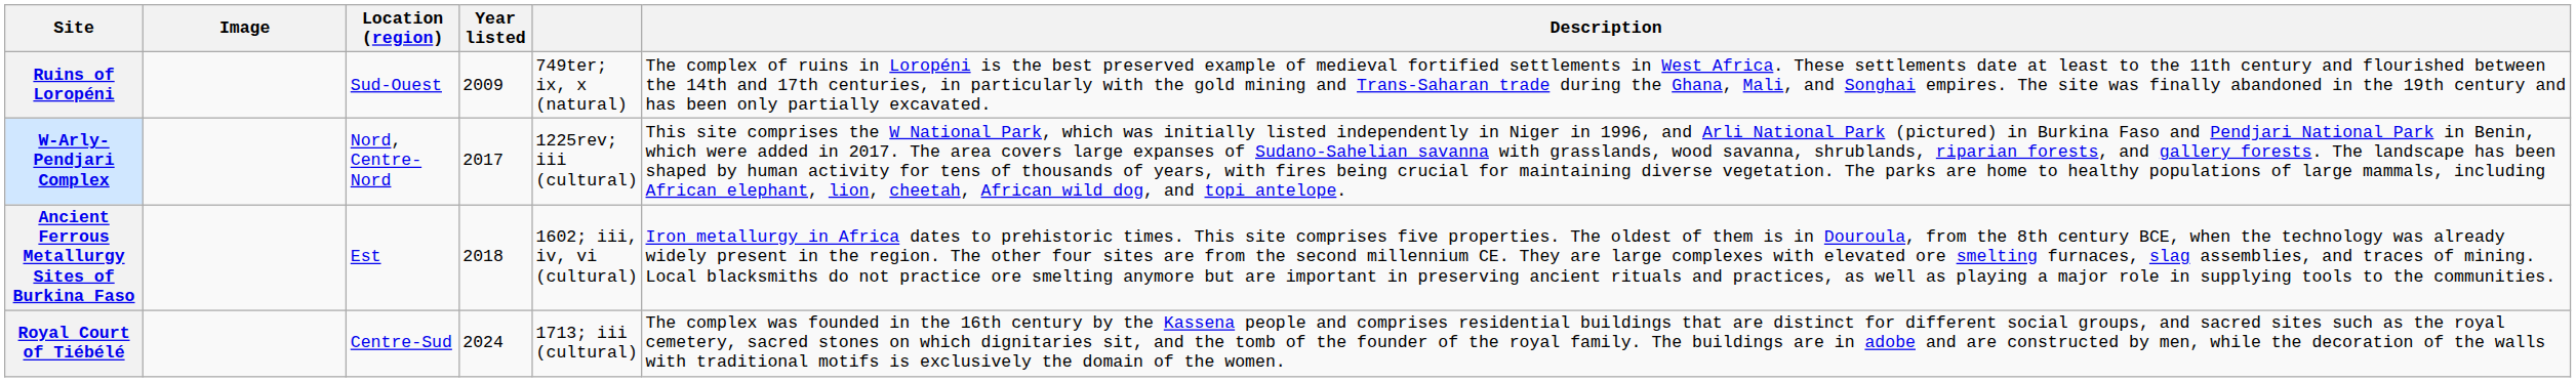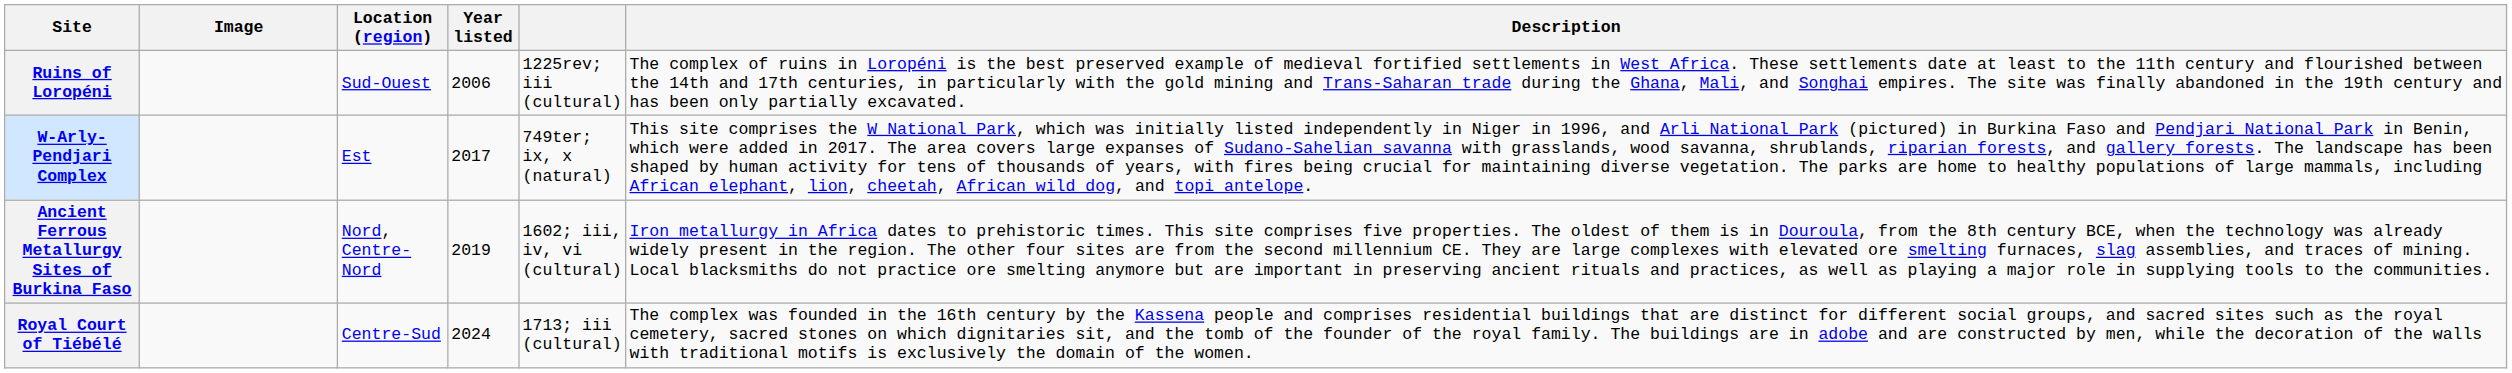 <table class="wikitable sortable plainrowheaders">
 <tr>
 <th style="width:100px;" scope="col">Site</th>
 <th class="unsortable"  style="width:150px;" scope="col">Image</th>
 <th style="width:80px;" scope="col">Location (<a href='#'>region</a>)</th>
 <th style="width:50px;" scope="col">Year listed</th>
 <th style="width:60px;" scope="col" data-sort-type="number"></th>
 <th scope="col" class="unsortable">Description</th>
 </tr>
 <tr>
 <th scope="row"><a href='#'>Ruins of Loropéni</a></th>
 <td></td>
 <td><a href='#'>Sud-Ouest</a></td>
-<td>2009</td>
-<td>749ter; ix, x (natural)</td>
+<td>2006</td>
+<td>1225rev; iii (cultural)</td>
 <td>The complex of ruins in <a href='#'>Loropéni</a> is the best preserved example of medieval fortified settlements in <a href='#'>West Africa</a>. These settlements date at least to the 11th century and flourished between the 14th and 17th centuries, in particularly with the gold mining and <a href='#'>Trans-Saharan trade</a> during the <a href='#'>Ghana</a>, <a href='#'>Mali</a>, and <a href='#'>Songhai</a> empires. The site was finally abandoned in the 19th century and has been only partially excavated.</td>
 </tr>
 <tr>
 <th scope="row" style="background:#D0E7FF"><a href='#'>W-Arly-Pendjari Complex</a></th>
 <td></td>
-<td><a href='#'>Nord</a>, <a href='#'>Centre-Nord</a></td>
+<td><a href='#'>Est</a></td>
 <td>2017</td>
-<td>1225rev; iii (cultural)</td>
+<td>749ter; ix, x (natural)</td>
 <td>This site comprises the <a href='#'>W National Park</a>, which was initially listed independently in Niger in 1996, and <a href='#'>Arli National Park</a> (pictured) in Burkina Faso and <a href='#'>Pendjari National Park</a> in Benin, which were added in 2017. The area covers large expanses of <a href='#'>Sudano-Sahelian savanna</a> with grasslands, wood savanna, shrublands, <a href='#'>riparian forests</a>, and <a href='#'>gallery forests</a>. The landscape has been shaped by human activity for tens of thousands of years, with fires being crucial for maintaining diverse vegetation. The parks are home to healthy populations of large mammals, including <a href='#'>African elephant</a>, <a href='#'>lion</a>, <a href='#'>cheetah</a>, <a href='#'>African wild dog</a>, and <a href='#'>topi antelope</a>.</td>
 </tr>
 <tr>
 <th scope="row"><a href='#'>Ancient Ferrous Metallurgy Sites of Burkina Faso</a></th>
 <td></td>
-<td><a href='#'>Est</a></td>
-<td>2018</td>
+<td><a href='#'>Nord</a>, <a href='#'>Centre-Nord</a></td>
+<td>2019</td>
 <td>1602; iii, iv, vi (cultural)</td>
 <td><a href='#'>Iron metallurgy in Africa</a> dates to prehistoric times. This site comprises five properties. The oldest of them is in <a href='#'>Douroula</a>, from the 8th century BCE, when the technology was already widely present in the region. The other four sites are from the second millennium CE. They are large complexes with elevated ore <a href='#'>smelting</a> furnaces, <a href='#'>slag</a> assemblies, and traces of mining. Local blacksmiths do not practice ore smelting anymore but are important in preserving ancient rituals and practices, as well as playing a major role in supplying tools to the communities.</td>
 </tr>
 <tr>
 <th scope="row"><a href='#'>Royal Court of Tiébélé</a></th>
 <td></td>
 <td><a href='#'>Centre-Sud</a></td>
 <td>2024</td>
 <td>1713; iii (cultural)</td>
 <td>The complex was founded in the 16th century by the <a href='#'>Kassena</a> people and comprises residential buildings that are distinct for different social groups, and sacred sites such as the royal cemetery, sacred stones on which dignitaries sit, and the tomb of the founder of the royal family. The buildings are in <a href='#'>adobe</a> and are constructed by men, while the decoration of the walls with traditional motifs is exclusively the domain of the women.</td>
 </tr>
 </table>
